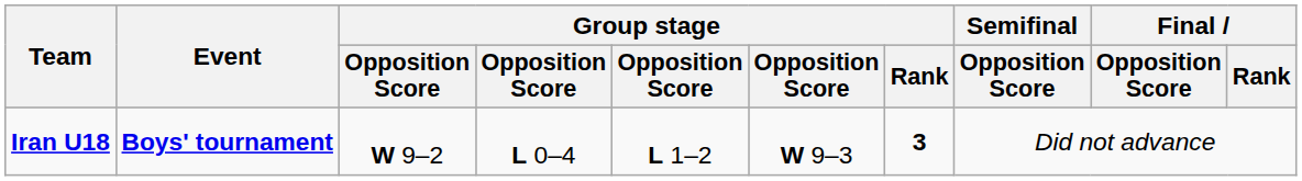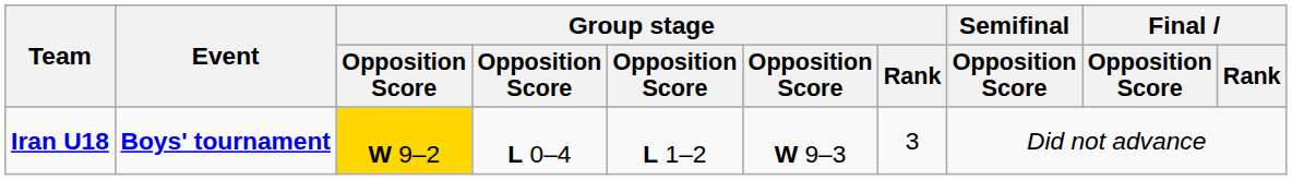 <table class="wikitable" style="font-size:90%">
 <tr>
 <th rowspan=2>Team</th>
 <th rowspan=2>Event</th>
 <th colspan=5>Group stage</th>
 <th>Semifinal</th>
 <th colspan=2>Final / </th>
 </tr>
 <tr style="font-size:95%">
 <th>Opposition<br>Score</th>
 <th>Opposition<br>Score</th>
 <th>Opposition<br>Score</th>
 <th>Opposition<br>Score</th>
 <th>Rank</th>
 <th>Opposition<br>Score</th>
 <th>Opposition<br>Score</th>
 <th>Rank</th>
 </tr>
 <tr align=center>
 <td align=left><strong><a href='#'>Iran U18</a></strong></td>
 <td align=left><strong><a href='#'>Boys' tournament</a></strong></td>
-<td><br><strong>W</strong> 9–2</td>
+<td style="background: gold;"><br><strong>W</strong> 9–2</td>
 <td><br><strong>L</strong> 0–4</td>
 <td><br><strong>L</strong> 1–2</td>
 <td><br><strong>W</strong> 9–3</td>
-<td><strong>3</strong></td>
+<td>3</td>
 <td Colspan=3><em>Did not advance</em></td>
 </tr>
 </table>
